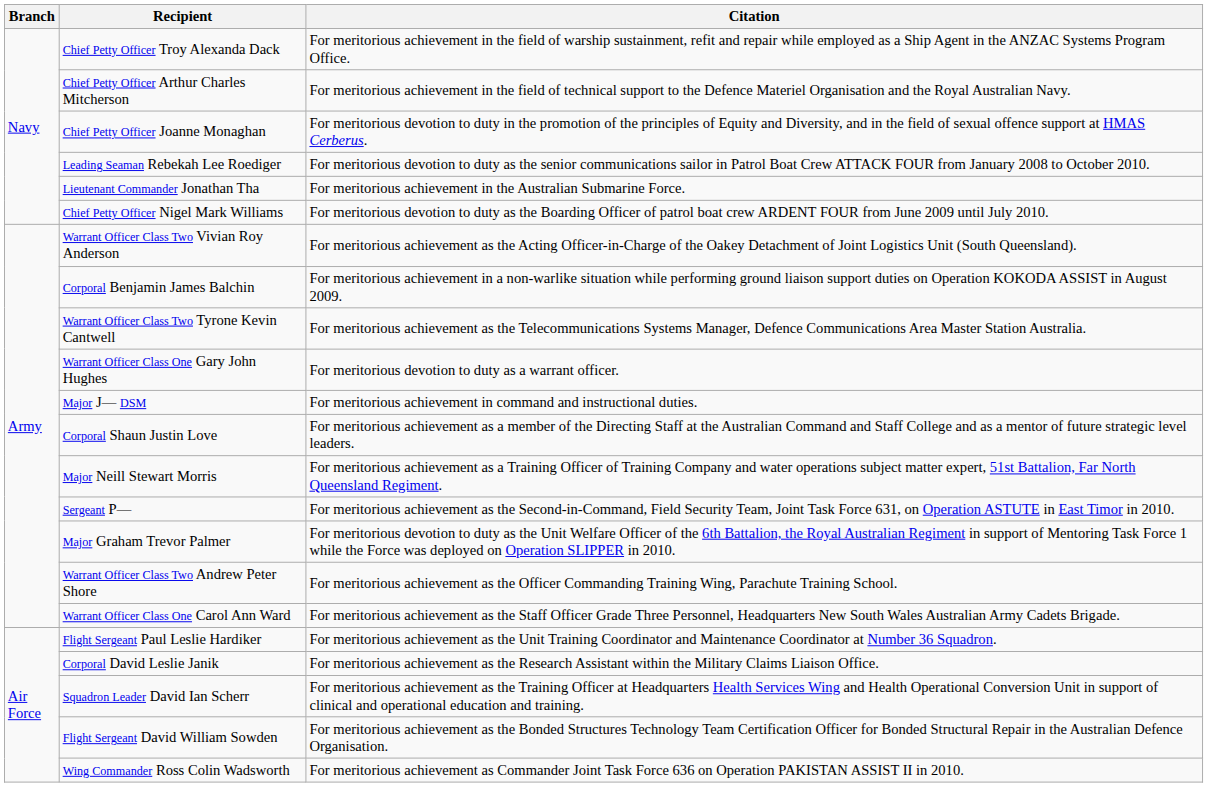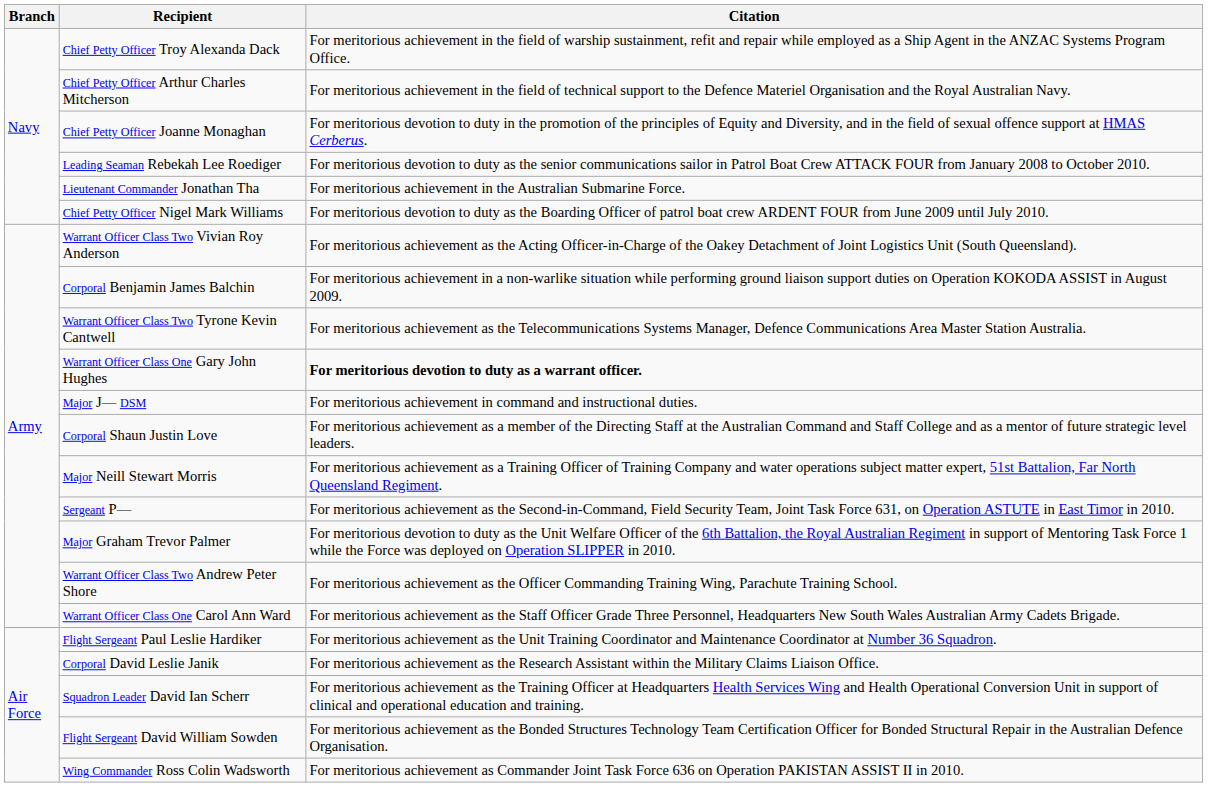 <table class="wikitable" style="font-size:95%;">
 <tr>
 <th scope="col" width="50">Branch</th>
 <th scope="col" width="250">Recipient</th>
 <th>Citation</th>
 </tr>
 <tr>
 <td rowspan="6"><a href='#'>Navy</a></td>
 <td><small><a href='#'>Chief Petty Officer</a></small> Troy Alexanda Dack</td>
 <td>For meritorious achievement in the field of warship sustainment, refit and repair while employed as a Ship Agent in the ANZAC Systems Program Office.</td>
 </tr>
 <tr>
 <td><small><a href='#'>Chief Petty Officer</a></small> Arthur Charles Mitcherson</td>
 <td>For meritorious achievement in the field of technical support to the Defence Materiel Organisation and the Royal Australian Navy.</td>
 </tr>
 <tr>
 <td><small><a href='#'>Chief Petty Officer</a></small> Joanne Monaghan</td>
 <td>For meritorious devotion to duty in the promotion of the principles of Equity and Diversity, and in the field of sexual offence support at <a href='#'>HMAS <em>Cerberus</em></a>.</td>
 </tr>
 <tr>
 <td><small><a href='#'>Leading Seaman</a></small> Rebekah Lee Roediger</td>
 <td>For meritorious devotion to duty as the senior communications sailor in Patrol Boat Crew ATTACK FOUR from January 2008 to October 2010.</td>
 </tr>
 <tr>
 <td><small><a href='#'>Lieutenant Commander</a></small> Jonathan Tha</td>
 <td>For meritorious achievement in the Australian Submarine Force.</td>
 </tr>
 <tr>
 <td><small><a href='#'>Chief Petty Officer</a></small> Nigel Mark Williams</td>
 <td>For meritorious devotion to duty as the Boarding Officer of patrol boat crew ARDENT FOUR from June 2009 until July 2010.</td>
 </tr>
 <tr>
 <td rowspan="11"><a href='#'>Army</a></td>
 <td><small><a href='#'>Warrant Officer Class Two</a></small> Vivian Roy Anderson</td>
 <td>For meritorious achievement as the Acting Officer-in-Charge of the Oakey Detachment of Joint Logistics Unit (South Queensland).</td>
 </tr>
 <tr>
 <td><small><a href='#'>Corporal</a></small> Benjamin James Balchin</td>
 <td>For meritorious achievement in a non-warlike situation while performing ground liaison support duties on Operation KOKODA ASSIST in August 2009.</td>
 </tr>
 <tr>
 <td><small><a href='#'>Warrant Officer Class Two</a></small> Tyrone Kevin Cantwell</td>
 <td>For meritorious achievement as the Telecommunications Systems Manager, Defence Communications Area Master Station Australia.</td>
 </tr>
 <tr>
 <td><small><a href='#'>Warrant Officer Class One</a></small> Gary John Hughes</td>
-<td>For meritorious devotion to duty as a warrant officer.</td>
+<td><strong>For meritorious devotion to duty as a warrant officer.</strong></td>
 </tr>
 <tr>
 <td><small><a href='#'>Major</a></small> J— <small><a href='#'>DSM</a></small></td>
 <td>For meritorious achievement in command and instructional duties.</td>
 </tr>
 <tr>
 <td><small><a href='#'>Corporal</a></small> Shaun Justin Love</td>
 <td>For meritorious achievement as a member of the Directing Staff at the Australian Command and Staff College and as a mentor of future strategic level leaders.</td>
 </tr>
 <tr>
 <td><small><a href='#'>Major</a></small> Neill Stewart Morris</td>
 <td>For meritorious achievement as a Training Officer of Training Company and water operations subject matter expert, <a href='#'>51st Battalion, Far North Queensland Regiment</a>.</td>
 </tr>
 <tr>
 <td><small><a href='#'>Sergeant</a></small> P—</td>
 <td>For meritorious achievement as the Second-in-Command, Field Security Team, Joint Task Force 631, on <a href='#'>Operation ASTUTE</a> in <a href='#'>East Timor</a> in 2010.</td>
 </tr>
 <tr>
 <td><small><a href='#'>Major</a></small> Graham Trevor Palmer</td>
 <td>For meritorious devotion to duty as the Unit Welfare Officer of the <a href='#'>6th Battalion, the Royal Australian Regiment</a> in support of Mentoring Task Force 1 while the Force was deployed on <a href='#'>Operation SLIPPER</a> in 2010.</td>
 </tr>
 <tr>
 <td><small><a href='#'>Warrant Officer Class Two</a></small> Andrew Peter Shore</td>
 <td>For meritorious achievement as the Officer Commanding Training Wing, Parachute Training School.</td>
 </tr>
 <tr>
 <td><small><a href='#'>Warrant Officer Class One</a></small> Carol Ann Ward</td>
 <td>For meritorious achievement as the Staff Officer Grade Three Personnel, Headquarters New South Wales Australian Army Cadets Brigade.</td>
 </tr>
 <tr>
 <td rowspan="5"><a href='#'>Air Force</a></td>
 <td><small><a href='#'>Flight Sergeant</a></small> Paul Leslie Hardiker</td>
 <td>For meritorious achievement as the Unit Training Coordinator and Maintenance Coordinator at <a href='#'>Number 36 Squadron</a>.</td>
 </tr>
 <tr>
 <td><small><a href='#'>Corporal</a></small> David Leslie Janik</td>
 <td>For meritorious achievement as the Research Assistant within the Military Claims Liaison Office.</td>
 </tr>
 <tr>
 <td><small><a href='#'>Squadron Leader</a></small> David Ian Scherr</td>
 <td>For meritorious achievement as the Training Officer at Headquarters <a href='#'>Health Services Wing</a> and Health Operational Conversion Unit in support of clinical and operational education and training.</td>
 </tr>
 <tr>
 <td><small><a href='#'>Flight Sergeant</a></small> David William Sowden</td>
 <td>For meritorious achievement as the Bonded Structures Technology Team Certification Officer for Bonded Structural Repair in the Australian Defence Organisation.</td>
 </tr>
 <tr>
 <td><small><a href='#'>Wing Commander</a></small> Ross Colin Wadsworth</td>
 <td>For meritorious achievement as Commander Joint Task Force 636 on Operation PAKISTAN ASSIST II in 2010.</td>
 </tr>
 </table>
